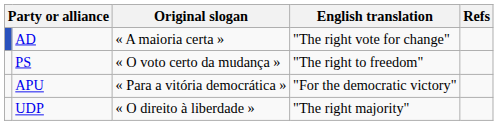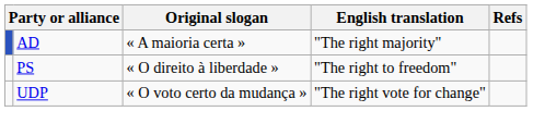 <table class="wikitable" style="font-size:97%; text-align:left;">
 <tr>
 <th style="text-align:left;" colspan="2">Party or alliance</th>
 <th>Original slogan</th>
 <th>English translation</th>
 <th>Refs</th>
 </tr>
 <tr>
 <td bgcolor="#2A52BE"></td>
 <td><a href='#'>AD</a></td>
 <td>« A maioria certa »</td>
-<td>"The right vote for change"</td>
+<td>"The right majority"</td>
 <td></td>
 </tr>
 <tr>
 <td width="1"></td>
 <td><a href='#'>PS</a></td>
-<td>« O voto certo da mudança »</td>
+<td>« O direito à liberdade »</td>
 <td>"The right to freedom"</td>
 <td></td>
 </tr>
 <tr>
 <td></td>
-<td><a href='#'>APU</a></td>
-<td>« Para a vitória democrática »</td>
-<td>"For the democratic victory"</td>
-<td></td>
-</tr>
-<tr>
-<td></td>
 <td><a href='#'>UDP</a></td>
-<td>« O direito à liberdade »</td>
-<td>"The right majority"</td>
+<td>« O voto certo da mudança »</td>
+<td>"The right vote for change"</td>
 <td></td>
 </tr>
 </table>
